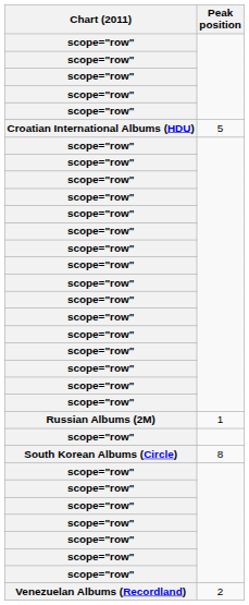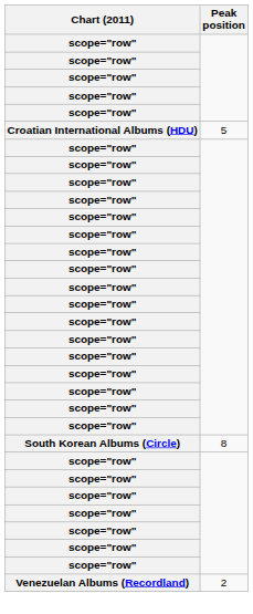 <table class="wikitable sortable plainrowheaders" style="text-align:center">
 <tr>
 <th scope="col">Chart (2011)</th>
 <th scope="col">Peak<br>position</th>
 </tr>
 <tr>
 <th>scope="row"</th>
 </tr>
 <tr>
 <th>scope="row"</th>
 </tr>
 <tr>
 <th>scope="row"</th>
 </tr>
 <tr>
 <th>scope="row"</th>
 </tr>
 <tr>
 <th>scope="row"</th>
 </tr>
 <tr>
 <th scope="row">Croatian International Albums (<a href='#'>HDU</a>)</th>
 <td>5</td>
 </tr>
 <tr>
 <th>scope="row"</th>
 </tr>
 <tr>
 <th>scope="row"</th>
 </tr>
 <tr>
 <th>scope="row"</th>
 </tr>
 <tr>
 <th>scope="row"</th>
 </tr>
 <tr>
 <th>scope="row"</th>
 </tr>
 <tr>
 <th>scope="row"</th>
 </tr>
 <tr>
 <th>scope="row"</th>
 </tr>
 <tr>
 <th>scope="row"</th>
 </tr>
 <tr>
 <th>scope="row"</th>
 </tr>
 <tr>
 <th>scope="row"</th>
 </tr>
 <tr>
 <th>scope="row"</th>
 </tr>
 <tr>
 <th>scope="row"</th>
 </tr>
 <tr>
 <th>scope="row"</th>
 </tr>
 <tr>
 <th>scope="row"</th>
 </tr>
 <tr>
 <th>scope="row"</th>
 </tr>
 <tr>
 <th>scope="row"</th>
 </tr>
 <tr>
-<th scope="row">Russian Albums (2М)</th>
-<td>1</td>
-</tr>
-<tr>
 <th>scope="row"</th>
 </tr>
 <tr>
 <th scope="row">South Korean Albums (<a href='#'>Circle</a>)</th>
 <td>8</td>
 </tr>
 <tr>
 <th>scope="row"</th>
 </tr>
 <tr>
 <th>scope="row"</th>
 </tr>
 <tr>
 <th>scope="row"</th>
 </tr>
 <tr>
 <th>scope="row"</th>
 </tr>
 <tr>
 <th>scope="row"</th>
 </tr>
 <tr>
 <th>scope="row"</th>
 </tr>
 <tr>
 <th>scope="row"</th>
 </tr>
 <tr>
 <th scope="row">Venezuelan Albums (<a href='#'>Recordland</a>)</th>
 <td style="text-align:center;">2</td>
 </tr>
 </table>
